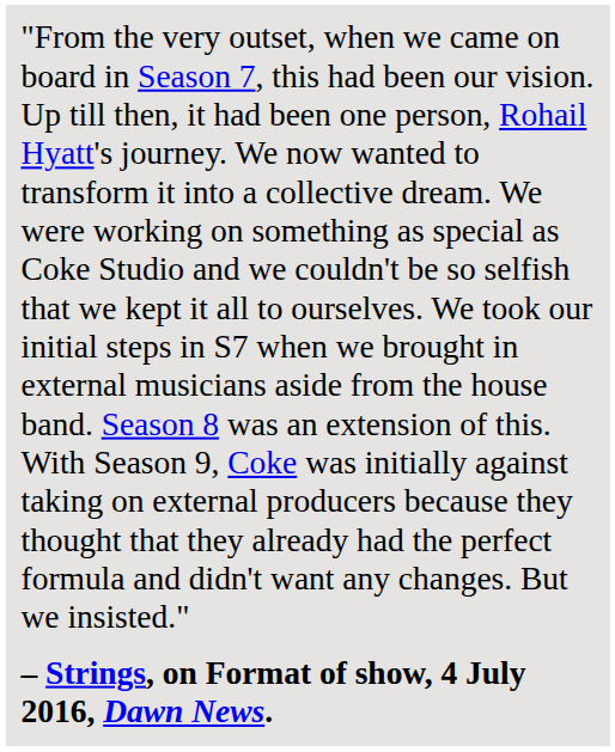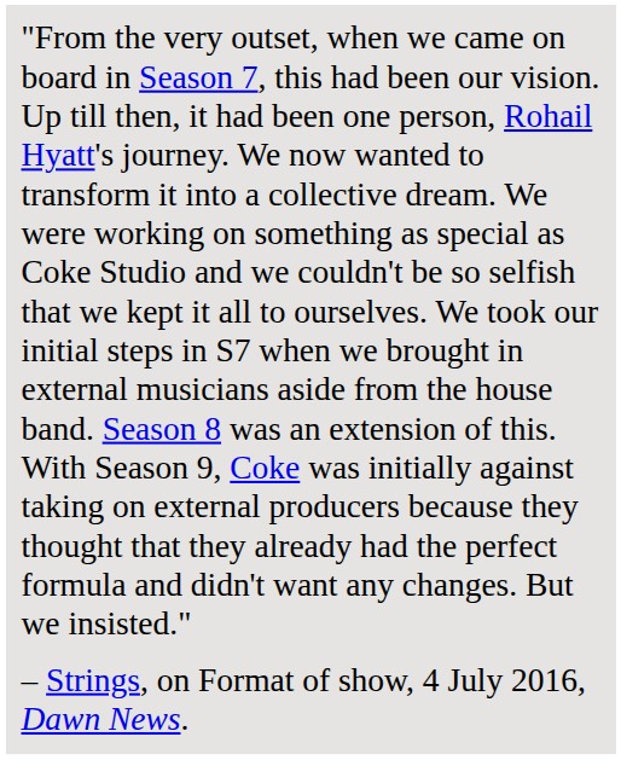 <table class="toccolours" style="float: right; margin-left: 1em; margin-right: 2em; font-size: 85%; background:#E5E4E2; color:black; width:30em; max-width: 40%;" cellspacing="5">
 <tr>
 <td style="text-align: left;">"From the very outset, when we came on board in <a href='#'>Season 7</a>, this had been our vision. Up till then, it had been one person, <a href='#'>Rohail Hyatt</a>'s journey. We now wanted to transform it into a collective dream. We were working on something as special as Coke Studio and we couldn't be so selfish that we kept it all to ourselves. We took our initial steps in S7 when we brought in external musicians aside from the house band. <a href='#'>Season 8</a> was an extension of this. With Season 9, <a href='#'>Coke</a> was initially against taking on external producers because they thought that they already had the perfect formula and didn't want any changes. But we insisted."</td>
 </tr>
 <tr>
-<td style="text-align: left;"><strong>– <a href='#'>Strings</a>, on Format of show, 4 July 2016, <em><a href='#'>Dawn News</a></em>.</strong></td>
+<td style="text-align: left;">– <a href='#'>Strings</a>, on Format of show, 4 July 2016, <em><a href='#'>Dawn News</a></em>.</td>
 </tr>
 </table>
